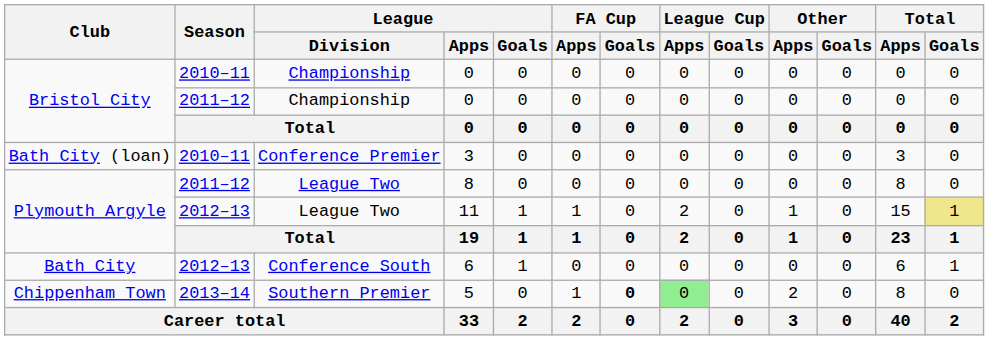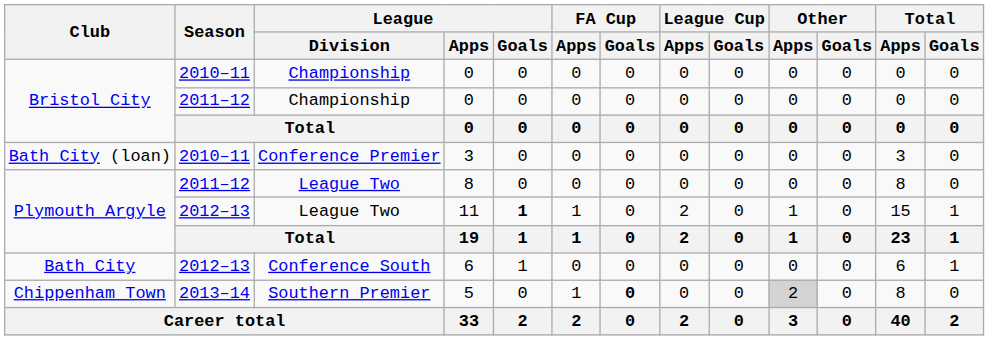 <table class="wikitable" style="text-align:center">
 <tr>
 <th rowspan="2">Club</th>
 <th rowspan="2">Season</th>
 <th colspan="3">League</th>
 <th colspan="2">FA Cup</th>
 <th colspan="2">League Cup</th>
 <th colspan="2">Other</th>
 <th colspan="2">Total</th>
 </tr>
 <tr>
 <th>Division</th>
 <th>Apps</th>
 <th>Goals</th>
 <th>Apps</th>
 <th>Goals</th>
 <th>Apps</th>
 <th>Goals</th>
 <th>Apps</th>
 <th>Goals</th>
 <th>Apps</th>
 <th>Goals</th>
 </tr>
 <tr>
 <td rowspan="3"><a href='#'>Bristol City</a></td>
 <td><a href='#'>2010–11</a></td>
 <td><a href='#'>Championship</a></td>
 <td>0</td>
 <td>0</td>
 <td>0</td>
 <td>0</td>
 <td>0</td>
 <td>0</td>
 <td>0</td>
 <td>0</td>
 <td>0</td>
 <td>0</td>
 </tr>
 <tr>
 <td><a href='#'>2011–12</a></td>
 <td>Championship</td>
 <td>0</td>
 <td>0</td>
 <td>0</td>
 <td>0</td>
 <td>0</td>
 <td>0</td>
 <td>0</td>
 <td>0</td>
 <td>0</td>
 <td>0</td>
 </tr>
 <tr>
 <th colspan="2">Total</th>
 <th>0</th>
 <th>0</th>
 <th>0</th>
 <th>0</th>
 <th>0</th>
 <th>0</th>
 <th>0</th>
 <th>0</th>
 <th>0</th>
 <th>0</th>
 </tr>
 <tr>
 <td><a href='#'>Bath City</a> (loan)</td>
 <td><a href='#'>2010–11</a></td>
 <td><a href='#'>Conference Premier</a></td>
 <td>3</td>
 <td>0</td>
 <td>0</td>
 <td>0</td>
 <td>0</td>
 <td>0</td>
 <td>0</td>
 <td>0</td>
 <td>3</td>
 <td>0</td>
 </tr>
 <tr>
 <td rowspan="3"><a href='#'>Plymouth Argyle</a></td>
 <td><a href='#'>2011–12</a></td>
 <td><a href='#'>League Two</a></td>
 <td>8</td>
 <td>0</td>
 <td>0</td>
 <td>0</td>
 <td>0</td>
 <td>0</td>
 <td>0</td>
 <td>0</td>
 <td>8</td>
 <td>0</td>
 </tr>
 <tr>
 <td><a href='#'>2012–13</a></td>
 <td>League Two</td>
 <td>11</td>
-<td>1</td>
+<td><strong>1</strong></td>
 <td>1</td>
 <td>0</td>
 <td>2</td>
 <td>0</td>
 <td>1</td>
 <td>0</td>
 <td>15</td>
-<td style="background: khaki;">1</td>
+<td>1</td>
 </tr>
 <tr>
 <th colspan="2">Total</th>
 <th>19</th>
 <th>1</th>
 <th>1</th>
 <th>0</th>
 <th>2</th>
 <th>0</th>
 <th>1</th>
 <th>0</th>
 <th>23</th>
 <th>1</th>
 </tr>
 <tr>
 <td><a href='#'>Bath City</a></td>
 <td><a href='#'>2012–13</a></td>
 <td><a href='#'>Conference South</a></td>
 <td>6</td>
 <td>1</td>
 <td>0</td>
 <td>0</td>
 <td>0</td>
 <td>0</td>
 <td>0</td>
 <td>0</td>
 <td>6</td>
 <td>1</td>
 </tr>
 <tr>
 <td><a href='#'>Chippenham Town</a></td>
 <td><a href='#'>2013–14</a></td>
 <td><a href='#'>Southern Premier</a></td>
 <td>5</td>
 <td>0</td>
 <td>1</td>
 <td><strong>0</strong></td>
-<td style="background: lightgreen;">0</td>
 <td>0</td>
-<td>2</td>
+<td>0</td>
+<td style="background: lightgrey;">2</td>
 <td>0</td>
 <td>8</td>
 <td>0</td>
 </tr>
 <tr>
 <th colspan="3">Career total</th>
 <th>33</th>
 <th>2</th>
 <th>2</th>
 <th>0</th>
 <th>2</th>
 <th>0</th>
 <th>3</th>
 <th>0</th>
 <th>40</th>
 <th>2</th>
 </tr>
 </table>
